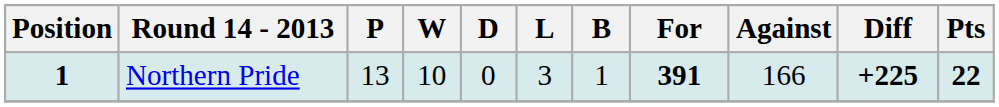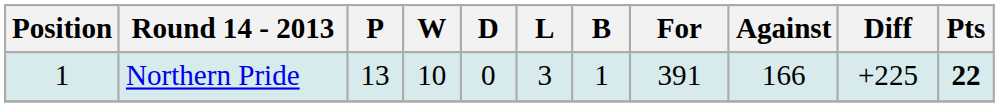 <table class="wikitable" style="text-align:center; font-size:85%;">
 <tr>
 <th width=40 abbr="Position">Position</th>
 <th width=100>Round 14 - 2013</th>
 <th width=20 abbr="Played">P</th>
 <th width=20 abbr="Won">W</th>
 <th width=20 abbr="Drawn">D</th>
 <th width=20 abbr="Lost">L</th>
 <th width=20 abbr="Bye">B</th>
 <th width=40 abbr="Points for">For</th>
 <th width=40 abbr="Points against">Against</th>
 <th width=40 abbr="Points difference">Diff</th>
 <th width=20 abbr="Points">Pts</th>
 </tr>
 <tr style="background: #d7ebed;">
-<td><strong>1</strong></td>
+<td>1</td>
 <td style="text-align:left;"> <a href='#'>Northern Pride</a></td>
 <td>13</td>
 <td>10</td>
 <td>0</td>
 <td>3</td>
 <td>1</td>
-<td><strong>391</strong></td>
+<td>391</td>
 <td>166</td>
-<td><strong>+225</strong></td>
+<td>+225</td>
 <td><strong>22</strong></td>
 </tr>
 <tr>
 </tr>
 </table>
